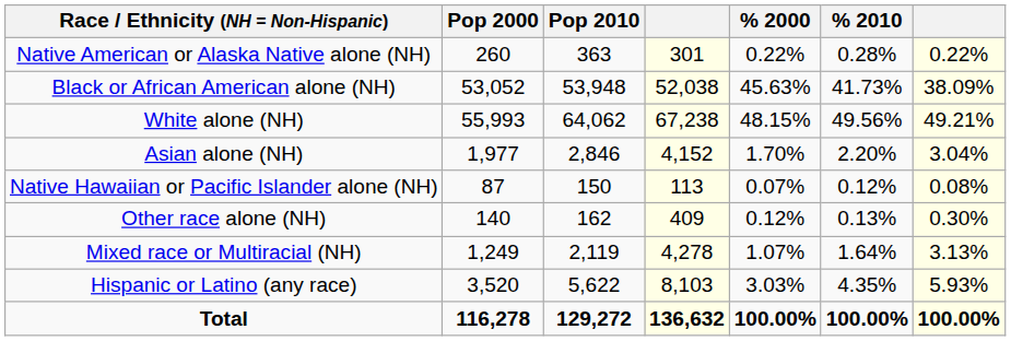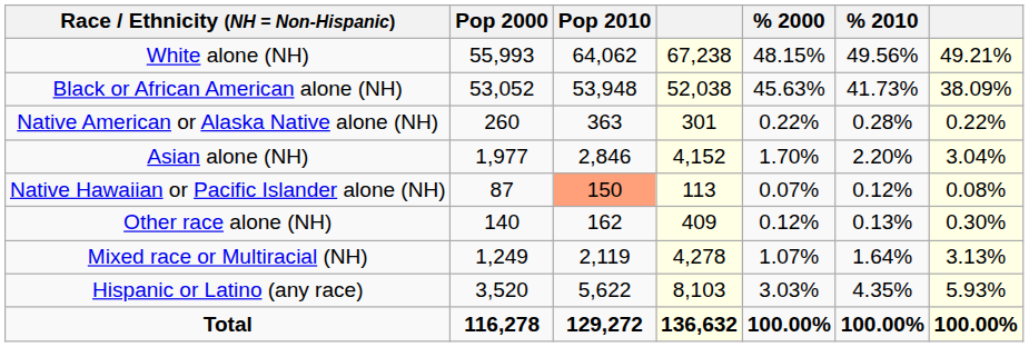 <table class="wikitable" style="text-align:center;">
 <tr>
 <th>Race / Ethnicity <small>(<em>NH = Non-Hispanic</em>)</small></th>
 <th>Pop 2000</th>
 <th>Pop 2010</th>
 <th></th>
 <th>% 2000</th>
 <th>% 2010</th>
 <th></th>
 </tr>
 <tr>
-<td><a href='#'>Native American</a> or <a href='#'>Alaska Native</a> alone (NH)</td>
-<td>260</td>
-<td>363</td>
-<td style='background: #ffffe6;'>301</td>
-<td>0.22%</td>
-<td>0.28%</td>
-<td style='background: #ffffe6;'>0.22%</td>
+<td><a href='#'>White</a> alone (NH)</td>
+<td>55,993</td>
+<td>64,062</td>
+<td style='background: #ffffe6;'>67,238</td>
+<td>48.15%</td>
+<td>49.56%</td>
+<td style='background: #ffffe6;'>49.21%</td>
 </tr>
 <tr>
 <td><a href='#'>Black or African American</a> alone (NH)</td>
 <td>53,052</td>
 <td>53,948</td>
 <td style='background: #ffffe6;'>52,038</td>
 <td>45.63%</td>
 <td>41.73%</td>
 <td style='background: #ffffe6;'>38.09%</td>
 </tr>
 <tr>
-<td><a href='#'>White</a> alone (NH)</td>
-<td>55,993</td>
-<td>64,062</td>
-<td style='background: #ffffe6;'>67,238</td>
-<td>48.15%</td>
-<td>49.56%</td>
-<td style='background: #ffffe6;'>49.21%</td>
+<td><a href='#'>Native American</a> or <a href='#'>Alaska Native</a> alone (NH)</td>
+<td>260</td>
+<td>363</td>
+<td style='background: #ffffe6;'>301</td>
+<td>0.22%</td>
+<td>0.28%</td>
+<td style='background: #ffffe6;'>0.22%</td>
 </tr>
 <tr>
 <td><a href='#'>Asian</a> alone (NH)</td>
 <td>1,977</td>
 <td>2,846</td>
 <td style='background: #ffffe6;'>4,152</td>
 <td>1.70%</td>
 <td>2.20%</td>
 <td style='background: #ffffe6;'>3.04%</td>
 </tr>
 <tr>
 <td><a href='#'>Native Hawaiian</a> or <a href='#'>Pacific Islander</a> alone (NH)</td>
 <td>87</td>
-<td>150</td>
+<td style="background: lightsalmon;">150</td>
 <td style='background: #ffffe6;'>113</td>
 <td>0.07%</td>
 <td>0.12%</td>
 <td style='background: #ffffe6;'>0.08%</td>
 </tr>
 <tr>
 <td><a href='#'>Other race</a> alone (NH)</td>
 <td>140</td>
 <td>162</td>
 <td style='background: #ffffe6;'>409</td>
 <td>0.12%</td>
 <td>0.13%</td>
 <td style='background: #ffffe6;'>0.30%</td>
 </tr>
 <tr>
 <td><a href='#'>Mixed race or Multiracial</a> (NH)</td>
 <td>1,249</td>
 <td>2,119</td>
 <td style='background: #ffffe6;'>4,278</td>
 <td>1.07%</td>
 <td>1.64%</td>
 <td style='background: #ffffe6;'>3.13%</td>
 </tr>
 <tr>
 <td><a href='#'>Hispanic or Latino</a> (any race)</td>
 <td>3,520</td>
 <td>5,622</td>
 <td style='background: #ffffe6;'>8,103</td>
 <td>3.03%</td>
 <td>4.35%</td>
 <td style='background: #ffffe6;'>5.93%</td>
 </tr>
 <tr>
 <td><strong>Total</strong></td>
 <td><strong>116,278</strong></td>
 <td><strong>129,272</strong></td>
 <td style='background: #ffffe6;'><strong>136,632</strong></td>
 <td><strong>100.00%</strong></td>
 <td><strong>100.00%</strong></td>
 <td style='background: #ffffe6;'><strong>100.00%</strong></td>
 </tr>
 </table>
